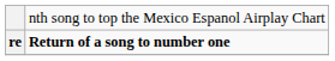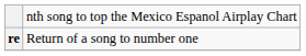 <table class="wikitable plainrowheaders" style="font-size:90%;">
 <tr>
 <th scope=col></th>
 <td>nth song to top the Mexico Espanol Airplay Chart</td>
 </tr>
 <tr>
 <th scope=row style="text-align:center;">re</th>
-<td><strong>Return of a song to number one</strong></td>
+<td>Return of a song to number one</td>
 </tr>
 <tr>
 </tr>
 </table>
